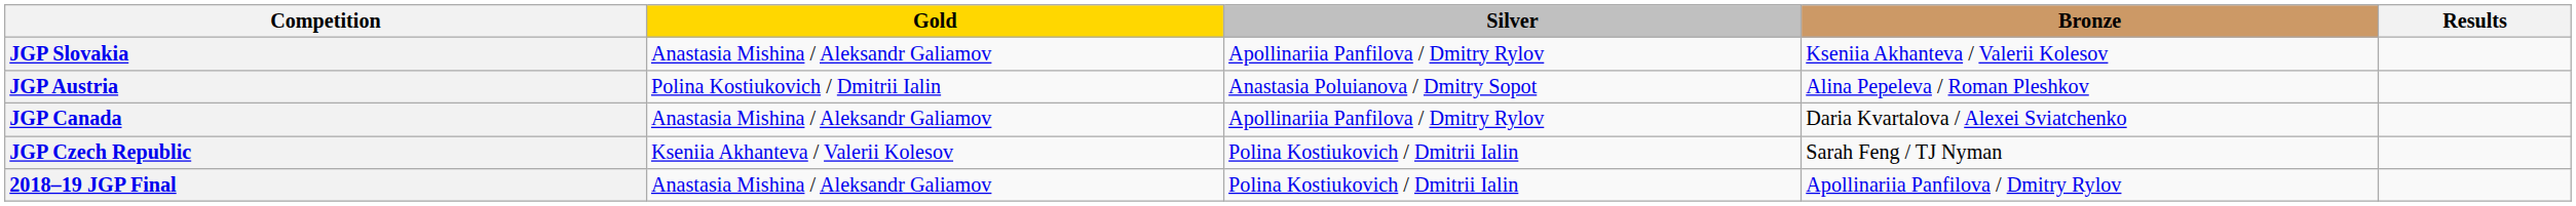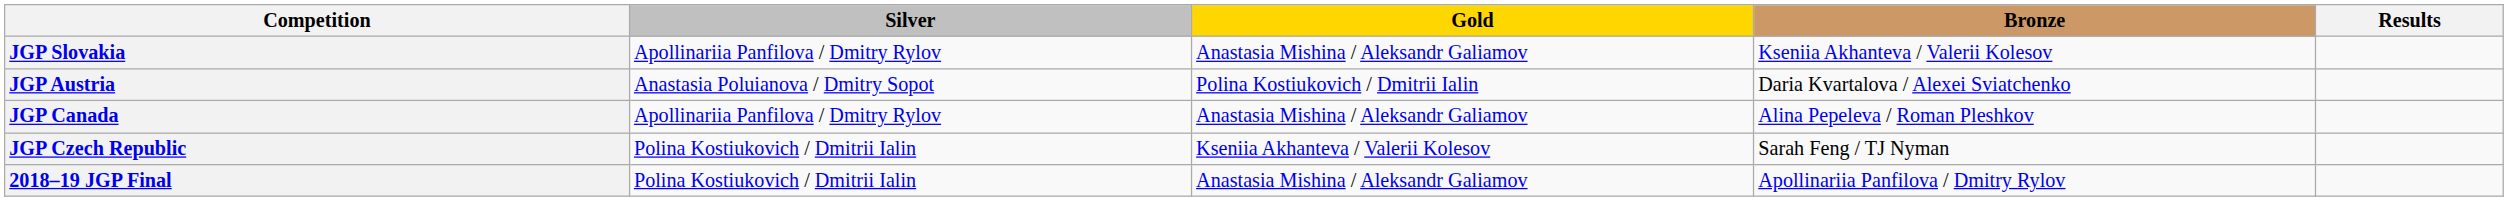 <table class="wikitable unsortable" style="text-align:left; width:100%">
 <tr>
 <th scope="col" style="text-align:center; width:25%;">Competition</th>
+<td scope="col" style="text-align:center; width:22.5%; background:silver"><strong>Silver</strong></td>
 <td scope="col" style="text-align:center; width:22.5%; background:gold"><strong>Gold</strong></td>
-<td scope="col" style="text-align:center; width:22.5%; background:silver"><strong>Silver</strong></td>
 <td scope="col" style="text-align:center; width:22.5%; background:#c96"><strong>Bronze</strong></td>
 <th scope="col" style="text-align:center; width:7.5%;">Results</th>
 </tr>
 <tr>
 <th scope="row" style="text-align:left"> <a href='#'>JGP Slovakia</a></th>
+<td> <a href='#'>Apollinariia Panfilova</a> / <a href='#'>Dmitry Rylov</a></td>
 <td> <a href='#'>Anastasia Mishina</a> / <a href='#'>Aleksandr Galiamov</a></td>
-<td> <a href='#'>Apollinariia Panfilova</a> / <a href='#'>Dmitry Rylov</a></td>
 <td> <a href='#'>Kseniia Akhanteva</a> / <a href='#'>Valerii Kolesov</a></td>
 <td></td>
 </tr>
 <tr>
 <th scope="row" style="text-align:left"> <a href='#'>JGP Austria</a></th>
+<td> <a href='#'>Anastasia Poluianova</a> / <a href='#'>Dmitry Sopot</a></td>
 <td> <a href='#'>Polina Kostiukovich</a> / <a href='#'>Dmitrii Ialin</a></td>
-<td> <a href='#'>Anastasia Poluianova</a> / <a href='#'>Dmitry Sopot</a></td>
+<td> Daria Kvartalova / <a href='#'>Alexei Sviatchenko</a></td>
+<td></td>
+</tr>
+<tr>
+<th scope="row" style="text-align:left"> <a href='#'>JGP Canada</a></th>
+<td> <a href='#'>Apollinariia Panfilova</a> / <a href='#'>Dmitry Rylov</a></td>
+<td> <a href='#'>Anastasia Mishina</a> / <a href='#'>Aleksandr Galiamov</a></td>
 <td> <a href='#'>Alina Pepeleva</a> / <a href='#'>Roman Pleshkov</a></td>
 <td></td>
 </tr>
 <tr>
-<th scope="row" style="text-align:left"> <a href='#'>JGP Canada</a></th>
-<td> <a href='#'>Anastasia Mishina</a> / <a href='#'>Aleksandr Galiamov</a></td>
-<td> <a href='#'>Apollinariia Panfilova</a> / <a href='#'>Dmitry Rylov</a></td>
-<td> Daria Kvartalova / <a href='#'>Alexei Sviatchenko</a></td>
-<td></td>
-</tr>
-<tr>
 <th scope="row" style="text-align:left"> <a href='#'>JGP Czech Republic</a></th>
+<td> <a href='#'>Polina Kostiukovich</a> / <a href='#'>Dmitrii Ialin</a></td>
 <td> <a href='#'>Kseniia Akhanteva</a> / <a href='#'>Valerii Kolesov</a></td>
-<td> <a href='#'>Polina Kostiukovich</a> / <a href='#'>Dmitrii Ialin</a></td>
 <td> Sarah Feng / TJ Nyman</td>
 <td></td>
 </tr>
 <tr>
 <th scope="row" style="text-align:left"> <a href='#'>2018–19 JGP Final</a></th>
+<td> <a href='#'>Polina Kostiukovich</a> / <a href='#'>Dmitrii Ialin</a></td>
 <td> <a href='#'>Anastasia Mishina</a> / <a href='#'>Aleksandr Galiamov</a></td>
-<td> <a href='#'>Polina Kostiukovich</a> / <a href='#'>Dmitrii Ialin</a></td>
 <td> <a href='#'>Apollinariia Panfilova</a> / <a href='#'>Dmitry Rylov</a></td>
 <td></td>
 </tr>
 </table>
